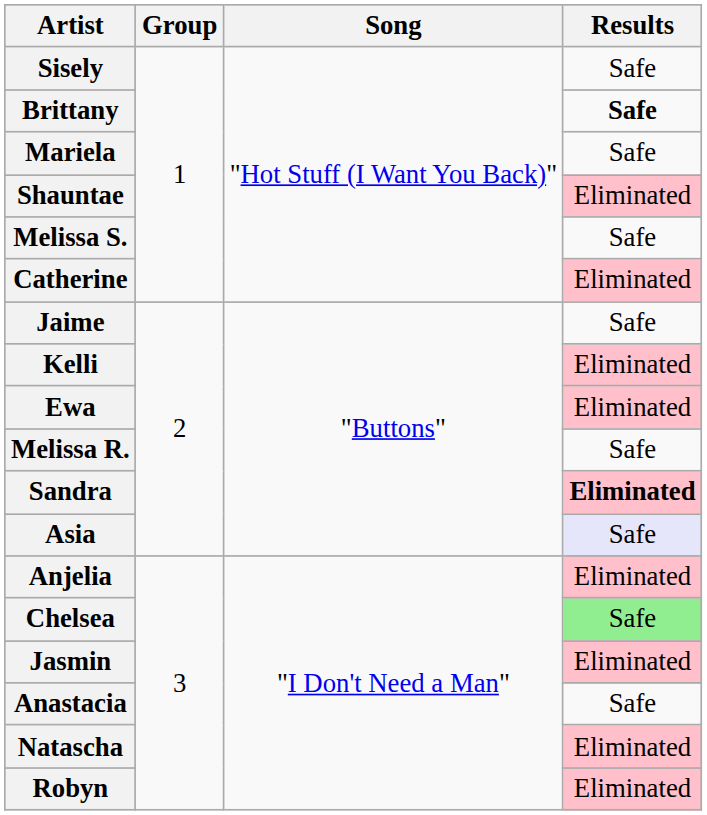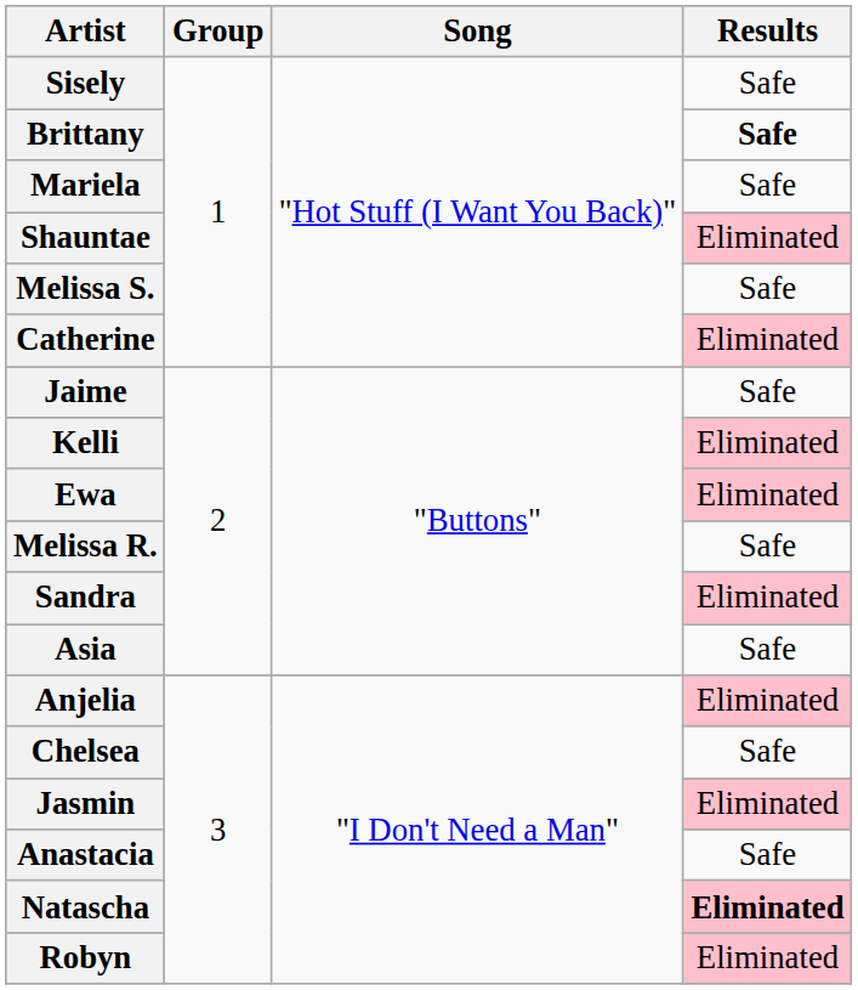 <table class="wikitable plainrowheaders" style="text-align:center;">
 <tr>
 <th scope="col">Artist</th>
 <th scope="col">Group</th>
 <th scope="col">Song</th>
 <th scope="col">Results</th>
 </tr>
 <tr>
 <th scope="row">Sisely</th>
 <td rowspan="6">1</td>
 <td rowspan="6">"<a href='#'>Hot Stuff (I Want You Back)</a>"</td>
 <td>Safe</td>
 </tr>
 <tr>
 <th scope="row">Brittany</th>
 <td><strong>Safe</strong></td>
 </tr>
 <tr>
 <th scope="row">Mariela</th>
 <td>Safe</td>
 </tr>
 <tr>
 <th scope="row">Shauntae</th>
 <td style="background:pink;">Eliminated</td>
 </tr>
 <tr>
 <th scope="row">Melissa S.</th>
 <td>Safe</td>
 </tr>
 <tr>
 <th scope="row">Catherine</th>
 <td style="background:pink;">Eliminated</td>
 </tr>
 <tr>
 <th scope="row">Jaime</th>
 <td rowspan="6">2</td>
 <td rowspan="6">"<a href='#'>Buttons</a>"</td>
 <td>Safe</td>
 </tr>
 <tr>
 <th scope="row">Kelli</th>
 <td style="background:pink;">Eliminated</td>
 </tr>
 <tr>
 <th scope="row">Ewa</th>
 <td style="background:pink;">Eliminated</td>
 </tr>
 <tr>
 <th scope="row">Melissa R.</th>
 <td>Safe</td>
 </tr>
 <tr>
 <th scope="row">Sandra</th>
-<td style="background:pink;"><strong>Eliminated</strong></td>
+<td style="background:pink;">Eliminated</td>
 </tr>
 <tr>
 <th scope="row">Asia</th>
-<td style="background: lavender;">Safe</td>
+<td>Safe</td>
 </tr>
 <tr>
 <th scope="row">Anjelia</th>
 <td rowspan="6">3</td>
 <td rowspan="6">"<a href='#'>I Don't Need a Man</a>"</td>
 <td style="background:pink;">Eliminated</td>
 </tr>
 <tr>
 <th scope="row">Chelsea</th>
-<td style="background: lightgreen;">Safe</td>
+<td>Safe</td>
 </tr>
 <tr>
 <th scope="row">Jasmin</th>
 <td style="background:pink;">Eliminated</td>
 </tr>
 <tr>
 <th scope="row">Anastacia</th>
 <td>Safe</td>
 </tr>
 <tr>
 <th scope="row">Natascha</th>
-<td style="background:pink;">Eliminated</td>
+<td style="background:pink;"><strong>Eliminated</strong></td>
 </tr>
 <tr>
 <th scope="row">Robyn</th>
 <td style="background:pink;">Eliminated</td>
 </tr>
 </table>
